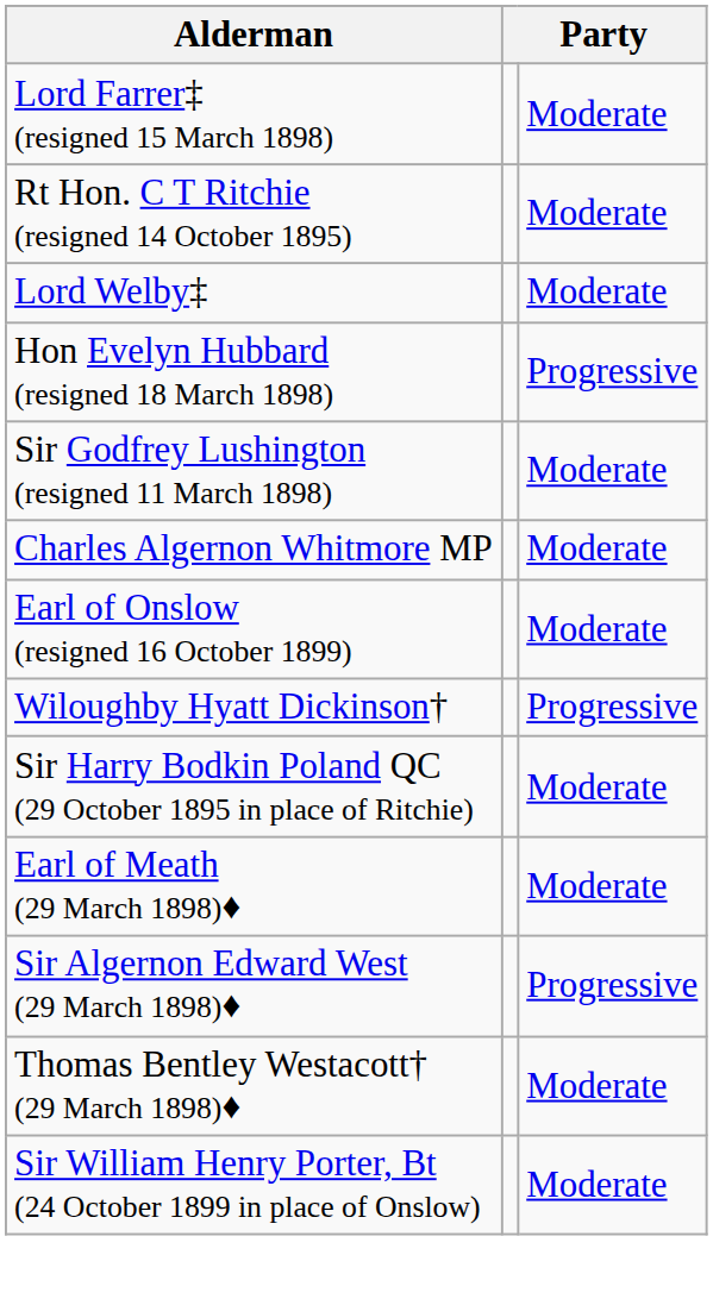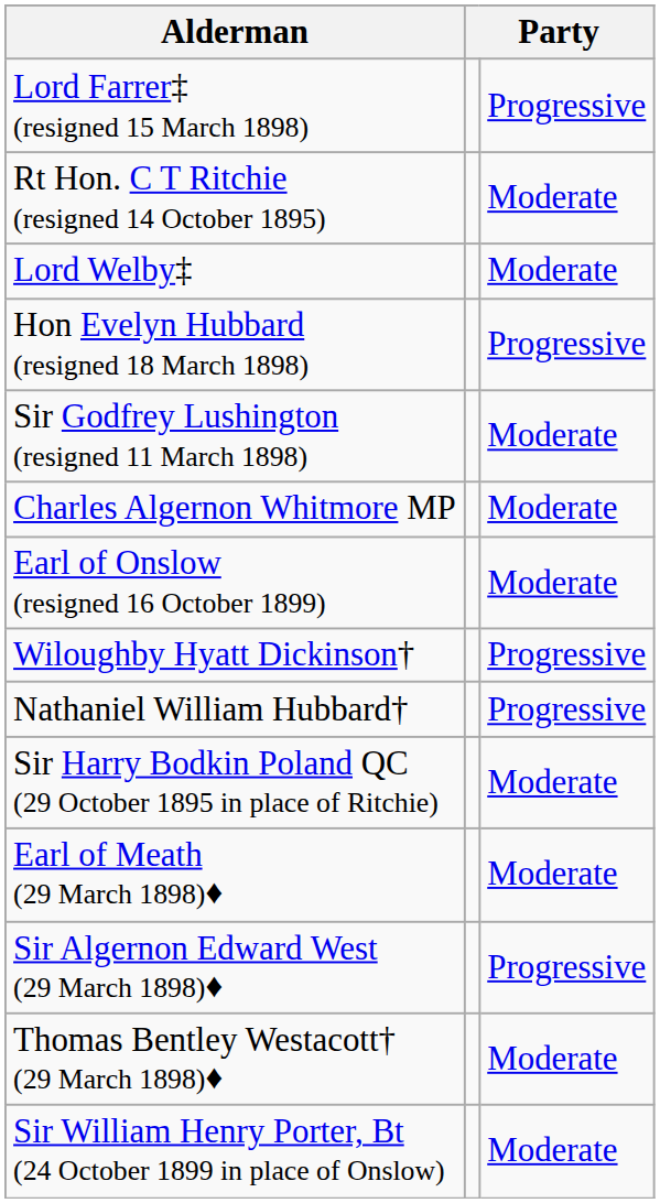 <table class="wikitable">
 <tr>
 <th>Alderman</th>
 <th colspan=2!>Party</th>
 </tr>
 <tr>
 <td><a href='#'>Lord Farrer</a>‡<small><br>(resigned 15 March 1898)</small></td>
 <td style="background-color: "></td>
-<td><a href='#'>Moderate</a></td>
+<td><a href='#'>Progressive</a></td>
 </tr>
 <tr>
 <td>Rt Hon. <a href='#'>C T Ritchie</a><small><br>(resigned 14 October 1895)</small></td>
 <td style="background-color: "></td>
 <td><a href='#'>Moderate</a></td>
 </tr>
 <tr>
 <td><a href='#'>Lord Welby</a>‡</td>
 <td style="background-color: "></td>
 <td><a href='#'>Moderate</a></td>
 </tr>
 <tr>
 <td>Hon <a href='#'>Evelyn Hubbard</a><small><br>(resigned 18 March 1898)</small></td>
 <td style="background-color: "></td>
 <td><a href='#'>Progressive</a></td>
 </tr>
 <tr>
 <td>Sir <a href='#'>Godfrey Lushington</a><small><br>(resigned 11 March 1898)</small></td>
 <td></td>
 <td><a href='#'>Moderate</a></td>
 </tr>
 <tr>
 <td><a href='#'>Charles Algernon Whitmore</a> MP</td>
 <td style="background-color: "></td>
 <td><a href='#'>Moderate</a></td>
 </tr>
 <tr>
 <td><a href='#'>Earl of Onslow</a><small><br>(resigned 16 October 1899)</small></td>
 <td style="background-color: "></td>
 <td><a href='#'>Moderate</a></td>
 </tr>
 <tr>
 <td><a href='#'>Wiloughby Hyatt Dickinson</a>†</td>
 <td style="background-color: "></td>
 <td><a href='#'>Progressive</a></td>
 </tr>
 <tr>
+<td>Nathaniel William Hubbard†</td>
+<td style="background-color: "></td>
+<td><a href='#'>Progressive</a></td>
+</tr>
+<tr>
 <td>Sir <a href='#'>Harry Bodkin Poland</a> QC<small><br>(29 October 1895 in place of Ritchie)</small></td>
 <td style="background-color: "></td>
 <td><a href='#'>Moderate</a></td>
 </tr>
 <tr>
 <td><a href='#'>Earl of Meath</a><small><br>(29 March 1898)</small>♦</td>
 <td style="background-color: "></td>
 <td><a href='#'>Moderate</a></td>
 </tr>
 <tr>
 <td><a href='#'>Sir Algernon Edward West</a><small><br>(29 March 1898)</small>♦</td>
 <td style="background-color: "></td>
 <td><a href='#'>Progressive</a></td>
 </tr>
 <tr>
 <td>Thomas Bentley Westacott†<small><br>(29 March 1898)</small>♦</td>
 <td style="background-color: "></td>
 <td><a href='#'>Moderate</a></td>
 </tr>
 <tr>
 <td><a href='#'>Sir William Henry Porter, Bt</a><small><br>(24 October 1899 in place of Onslow)</small></td>
 <td style="background-color: "></td>
 <td><a href='#'>Moderate</a></td>
 </tr>
 </table>
